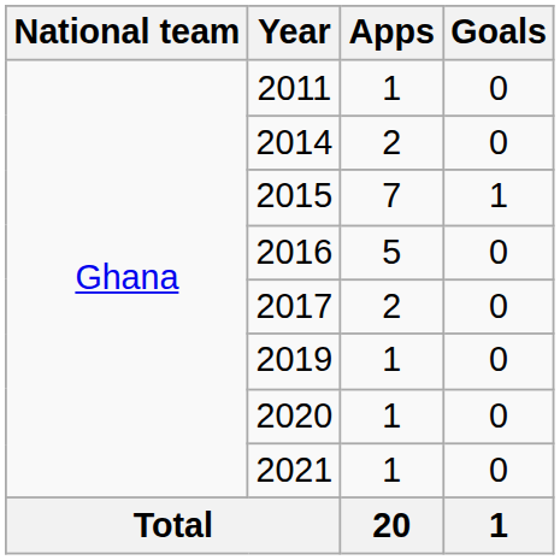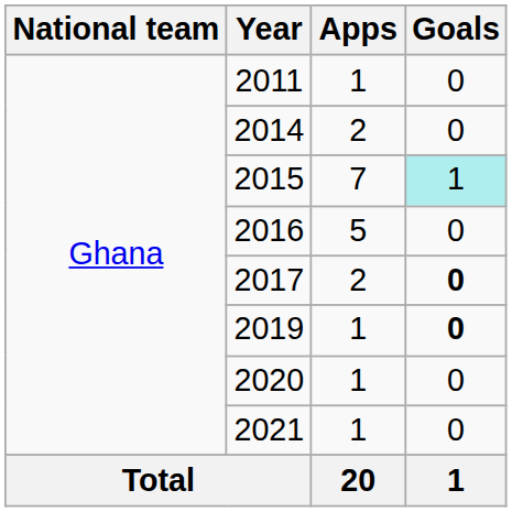 <table class="wikitable" style="text-align: center;">
 <tr>
 <th>National team</th>
 <th>Year</th>
 <th>Apps</th>
 <th>Goals</th>
 </tr>
 <tr>
 <td rowspan="8"><a href='#'>Ghana</a></td>
 <td>2011</td>
 <td>1</td>
 <td>0</td>
 </tr>
 <tr>
 <td>2014</td>
 <td>2</td>
 <td>0</td>
 </tr>
 <tr>
 <td>2015</td>
 <td>7</td>
-<td>1</td>
+<td style="background: paleturquoise;">1</td>
 </tr>
 <tr>
 <td>2016</td>
 <td>5</td>
 <td>0</td>
 </tr>
 <tr>
 <td>2017</td>
 <td>2</td>
-<td>0</td>
+<td><strong>0</strong></td>
 </tr>
 <tr>
 <td>2019</td>
 <td>1</td>
-<td>0</td>
+<td><strong>0</strong></td>
 </tr>
 <tr>
 <td>2020</td>
 <td>1</td>
 <td>0</td>
 </tr>
 <tr>
 <td>2021</td>
 <td>1</td>
 <td>0</td>
 </tr>
 <tr>
 <th colspan="2">Total</th>
 <th>20</th>
 <th>1</th>
 </tr>
 </table>
